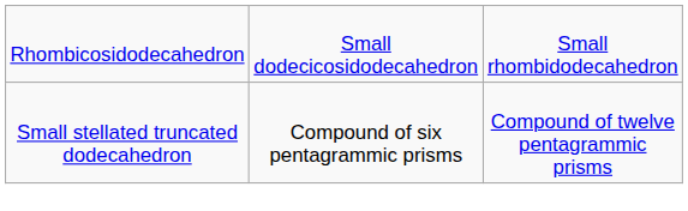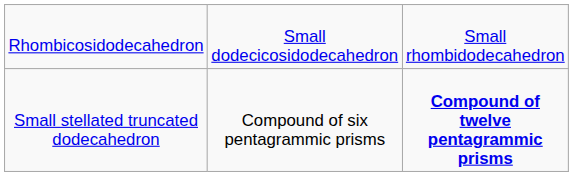 <table class="wikitable" width="400" style="vertical-align:top;text-align:center">
 <tr>
 <td><br><a href='#'>Rhombicosidodecahedron</a></td>
 <td><br><a href='#'>Small dodecicosidodecahedron</a></td>
 <td><br><a href='#'>Small rhombidodecahedron</a></td>
 </tr>
 <tr>
 <td><br><a href='#'>Small stellated truncated dodecahedron</a></td>
 <td><br>Compound of six pentagrammic prisms</td>
-<td><br><a href='#'>Compound of twelve pentagrammic prisms</a></td>
+<td><strong><br><a href='#'>Compound of twelve pentagrammic prisms</a></strong></td>
 </tr>
 </table>
